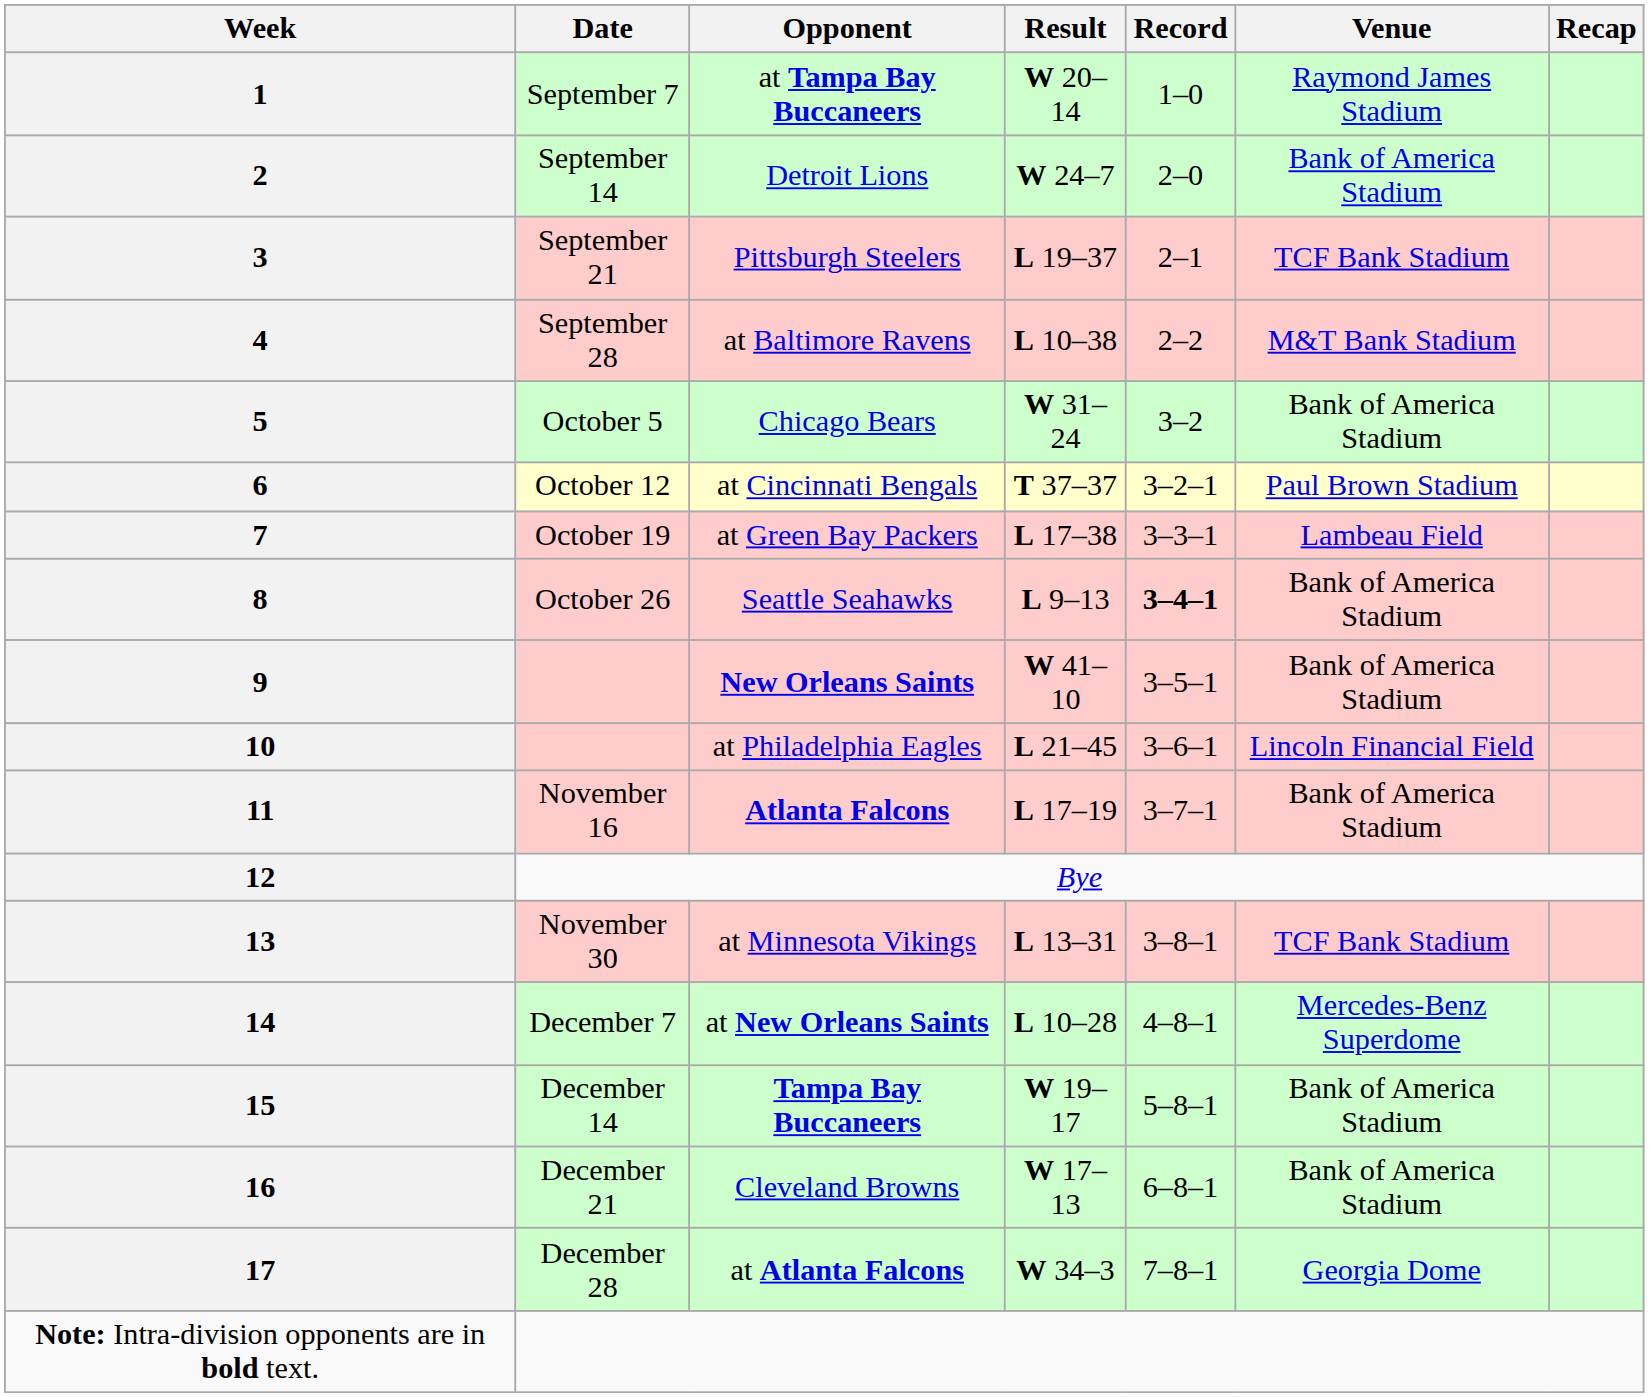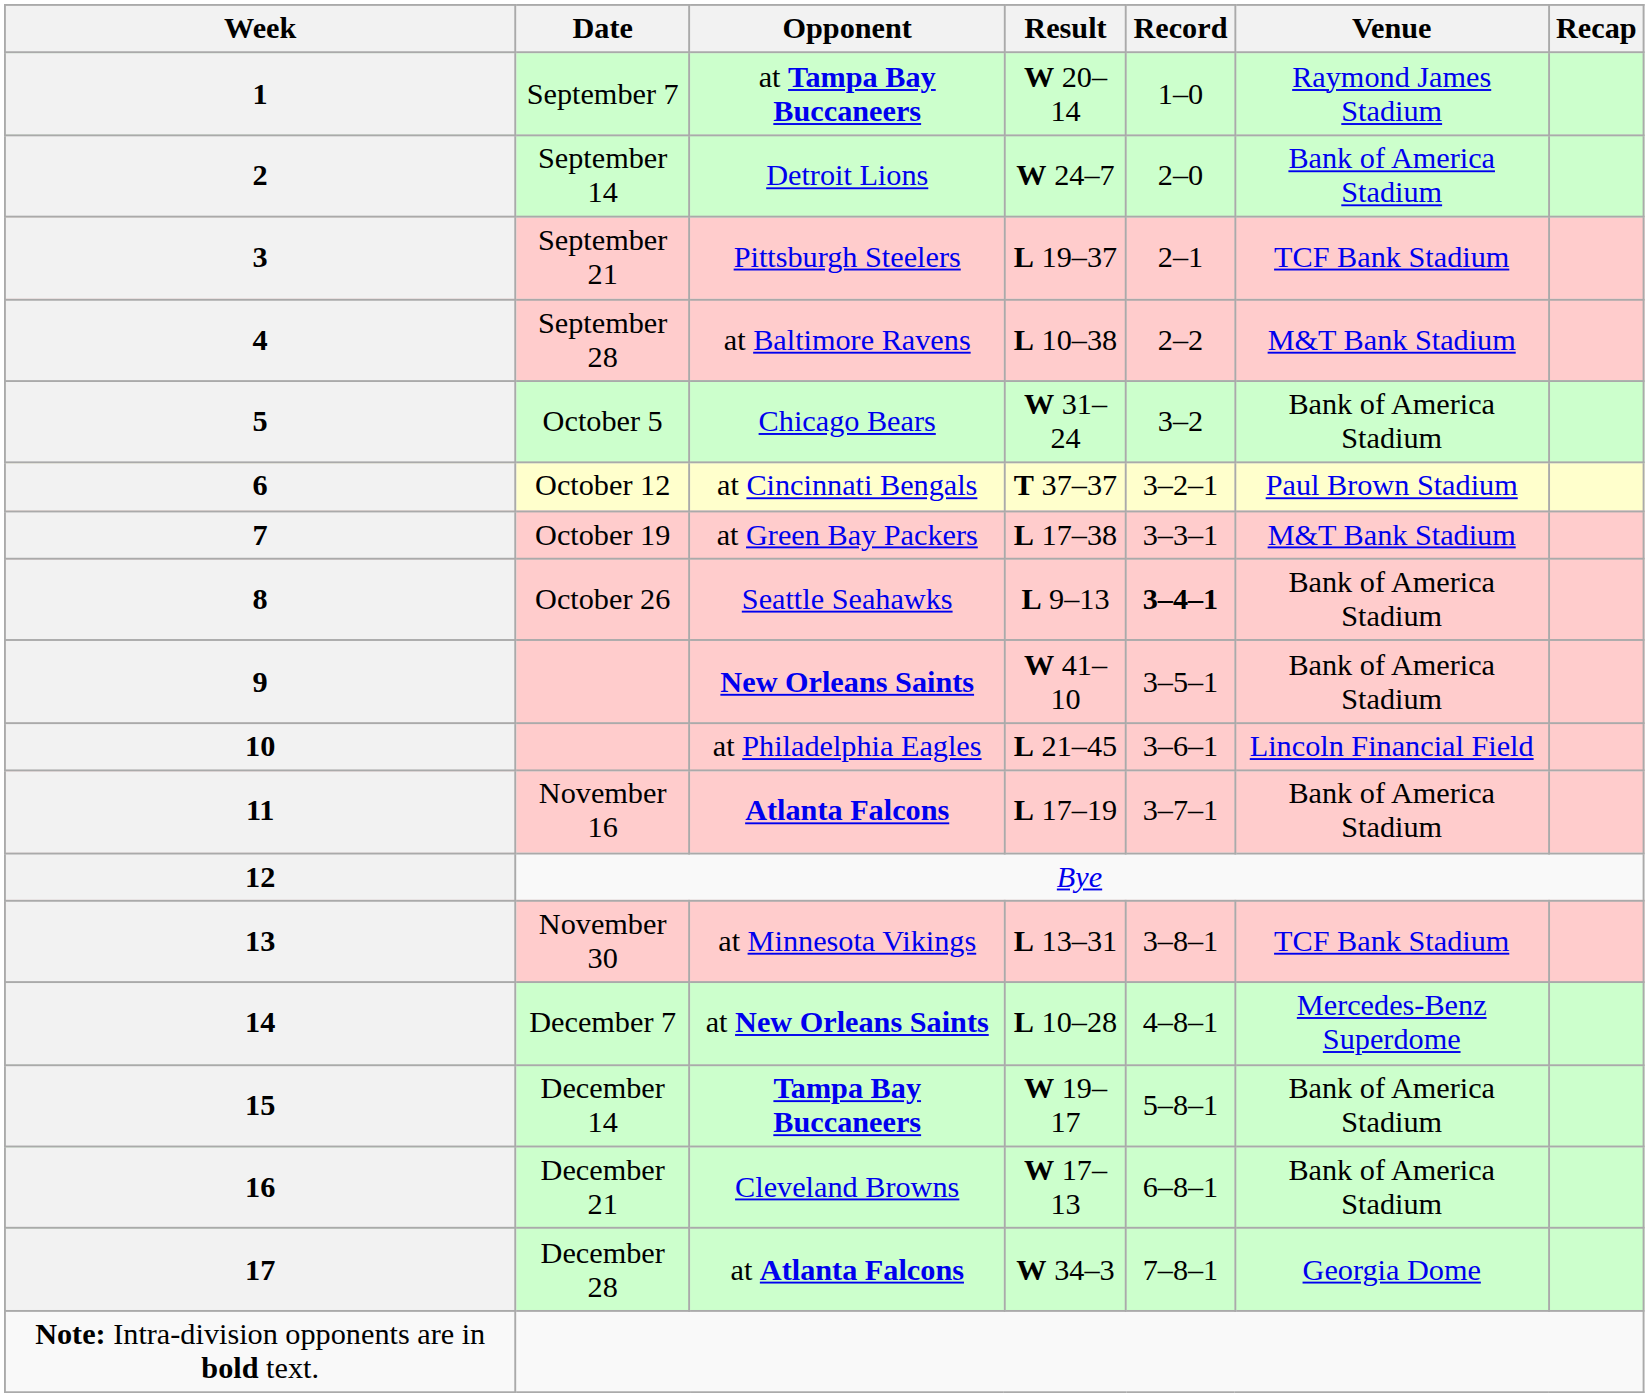 <table class="wikitable" style="text-align:center">
 <tr>
 <th>Week</th>
 <th>Date</th>
 <th>Opponent</th>
 <th>Result</th>
 <th>Record</th>
 <th>Venue</th>
 <th>Recap</th>
 </tr>
 <tr style="background:#cfc">
 <th>1</th>
 <td>September 7</td>
 <td>at <strong><a href='#'>Tampa Bay Buccaneers</a></strong></td>
 <td><strong>W</strong> 20–14</td>
 <td>1–0</td>
 <td><a href='#'>Raymond James Stadium</a></td>
 <td></td>
 </tr>
 <tr style="background:#cfc">
 <th>2</th>
 <td>September 14</td>
 <td><a href='#'>Detroit Lions</a></td>
 <td><strong>W</strong> 24–7</td>
 <td>2–0</td>
 <td><a href='#'>Bank of America Stadium</a></td>
 <td></td>
 </tr>
 <tr style="background:#fcc">
 <th>3</th>
 <td>September 21</td>
 <td><a href='#'>Pittsburgh Steelers</a></td>
 <td><strong>L</strong> 19–37</td>
 <td>2–1</td>
 <td><a href='#'>TCF Bank Stadium</a></td>
 <td></td>
 </tr>
 <tr style="background:#fcc">
 <th>4</th>
 <td>September 28</td>
 <td>at <a href='#'>Baltimore Ravens</a></td>
 <td><strong>L</strong> 10–38</td>
 <td>2–2</td>
 <td><a href='#'>M&T Bank Stadium</a></td>
 <td></td>
 </tr>
 <tr style="background:#cfc">
 <th>5</th>
 <td>October 5</td>
 <td><a href='#'>Chicago Bears</a></td>
 <td><strong>W</strong> 31–24</td>
 <td>3–2</td>
 <td>Bank of America Stadium</td>
 <td></td>
 </tr>
 <tr style="background:#ffc;">
 <th>6</th>
 <td>October 12</td>
 <td>at <a href='#'>Cincinnati Bengals</a></td>
 <td><strong>T</strong> 37–37 </td>
 <td>3–2–1</td>
 <td><a href='#'>Paul Brown Stadium</a></td>
 <td></td>
 </tr>
 <tr style="background:#fcc">
 <th>7</th>
 <td>October 19</td>
 <td>at <a href='#'>Green Bay Packers</a></td>
 <td><strong>L</strong> 17–38</td>
 <td>3–3–1</td>
-<td><a href='#'>Lambeau Field</a></td>
+<td><a href='#'>M&T Bank Stadium</a></td>
 <td></td>
 </tr>
 <tr style="background:#fcc;">
 <th>8</th>
 <td>October 26</td>
 <td><a href='#'>Seattle Seahawks</a></td>
 <td><strong>L</strong> 9–13</td>
 <td><strong>3–4–1</strong></td>
 <td>Bank of America Stadium</td>
 <td></td>
 </tr>
 <tr style="background:#fcc">
 <th>9</th>
 <td></td>
 <td><strong><a href='#'>New Orleans Saints</a></strong></td>
 <td><strong>W</strong> 41–10</td>
 <td>3–5–1</td>
 <td>Bank of America Stadium</td>
 <td></td>
 </tr>
 <tr style="background:#fcc">
 <th>10</th>
 <td></td>
 <td>at <a href='#'>Philadelphia Eagles</a></td>
 <td><strong>L</strong> 21–45</td>
 <td>3–6–1</td>
 <td><a href='#'>Lincoln Financial Field</a></td>
 <td></td>
 </tr>
 <tr style="background:#fcc">
 <th>11</th>
 <td>November 16</td>
 <td><strong><a href='#'>Atlanta Falcons</a></strong></td>
 <td><strong>L</strong> 17–19</td>
 <td>3–7–1</td>
 <td>Bank of America Stadium</td>
 <td></td>
 </tr>
 <tr>
 <th>12</th>
 <td colspan="6"><em><a href='#'>Bye</a></em></td>
 </tr>
 <tr style="background:#fcc">
 <th>13</th>
 <td>November 30</td>
 <td>at <a href='#'>Minnesota Vikings</a></td>
 <td><strong>L</strong> 13–31</td>
 <td>3–8–1</td>
 <td><a href='#'>TCF Bank Stadium</a></td>
 <td></td>
 </tr>
 <tr style="background:#cfc">
 <th>14</th>
 <td>December 7</td>
 <td>at <strong><a href='#'>New Orleans Saints</a></strong></td>
 <td><strong>L</strong> 10–28</td>
 <td>4–8–1</td>
 <td><a href='#'>Mercedes-Benz Superdome</a></td>
 <td></td>
 </tr>
 <tr style="background:#cfc">
 <th>15</th>
 <td>December 14</td>
 <td><strong><a href='#'>Tampa Bay Buccaneers</a></strong></td>
 <td><strong>W</strong> 19–17</td>
 <td>5–8–1</td>
 <td>Bank of America Stadium</td>
 <td></td>
 </tr>
 <tr style="background:#cfc">
 <th>16</th>
 <td>December 21</td>
 <td><a href='#'>Cleveland Browns</a></td>
 <td><strong>W</strong> 17–13</td>
 <td>6–8–1</td>
 <td>Bank of America Stadium</td>
 <td></td>
 </tr>
 <tr style="background:#cfc">
 <th>17</th>
 <td>December 28</td>
 <td>at <strong><a href='#'>Atlanta Falcons</a></strong></td>
 <td><strong>W</strong> 34–3</td>
 <td>7–8–1</td>
 <td><a href='#'>Georgia Dome</a></td>
 <td></td>
 </tr>
 <tr>
 <td><strong>Note:</strong> Intra-division opponents are in <strong>bold</strong> text.</td>
 </tr>
 </table>
